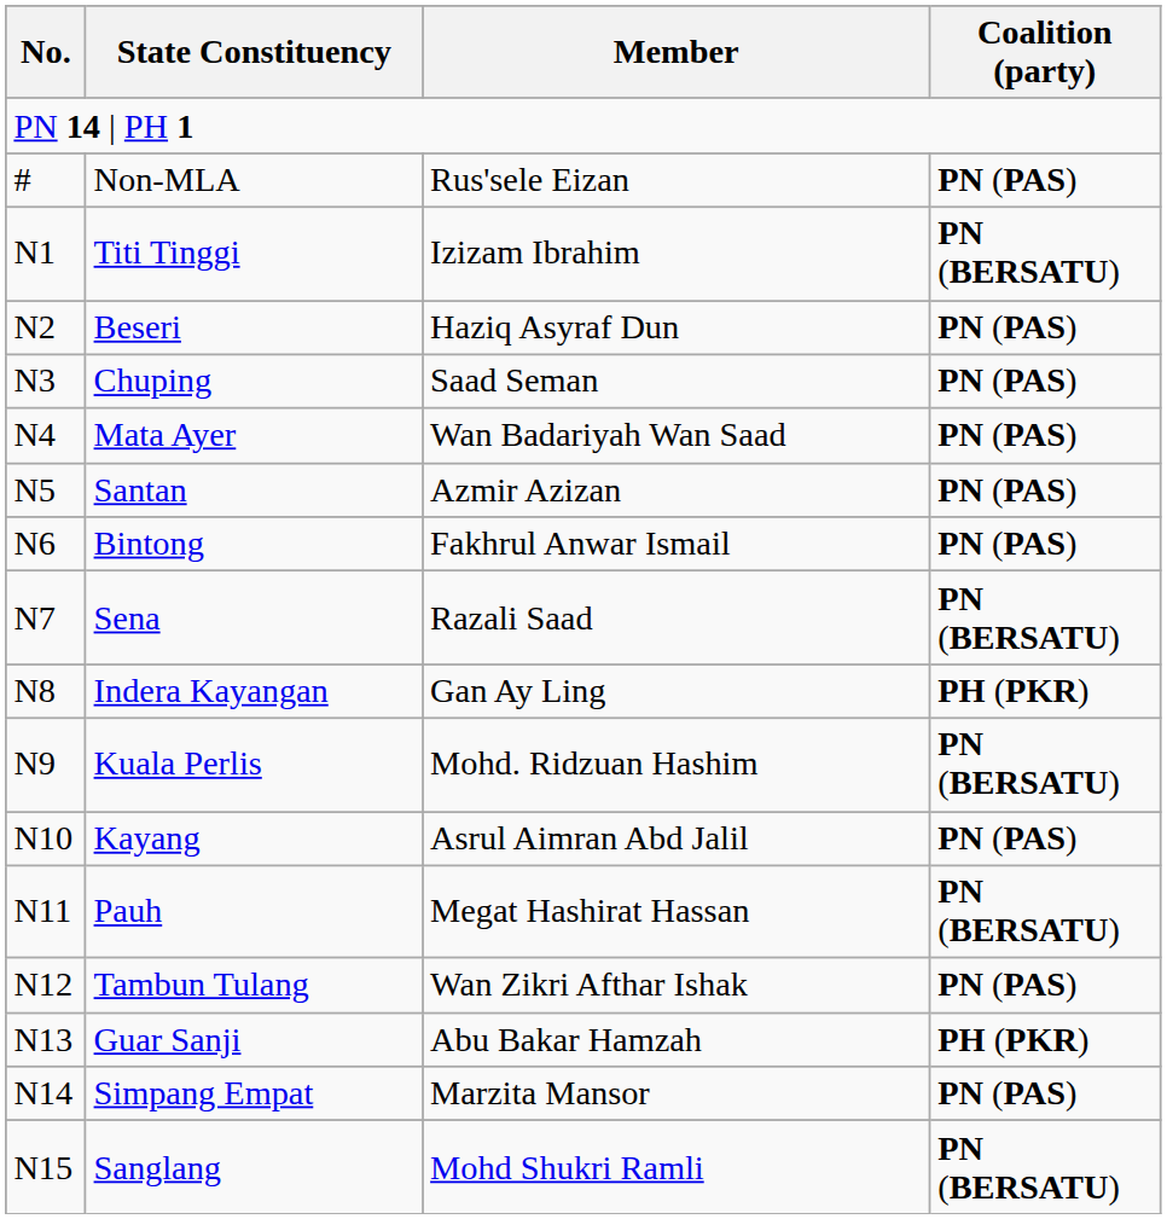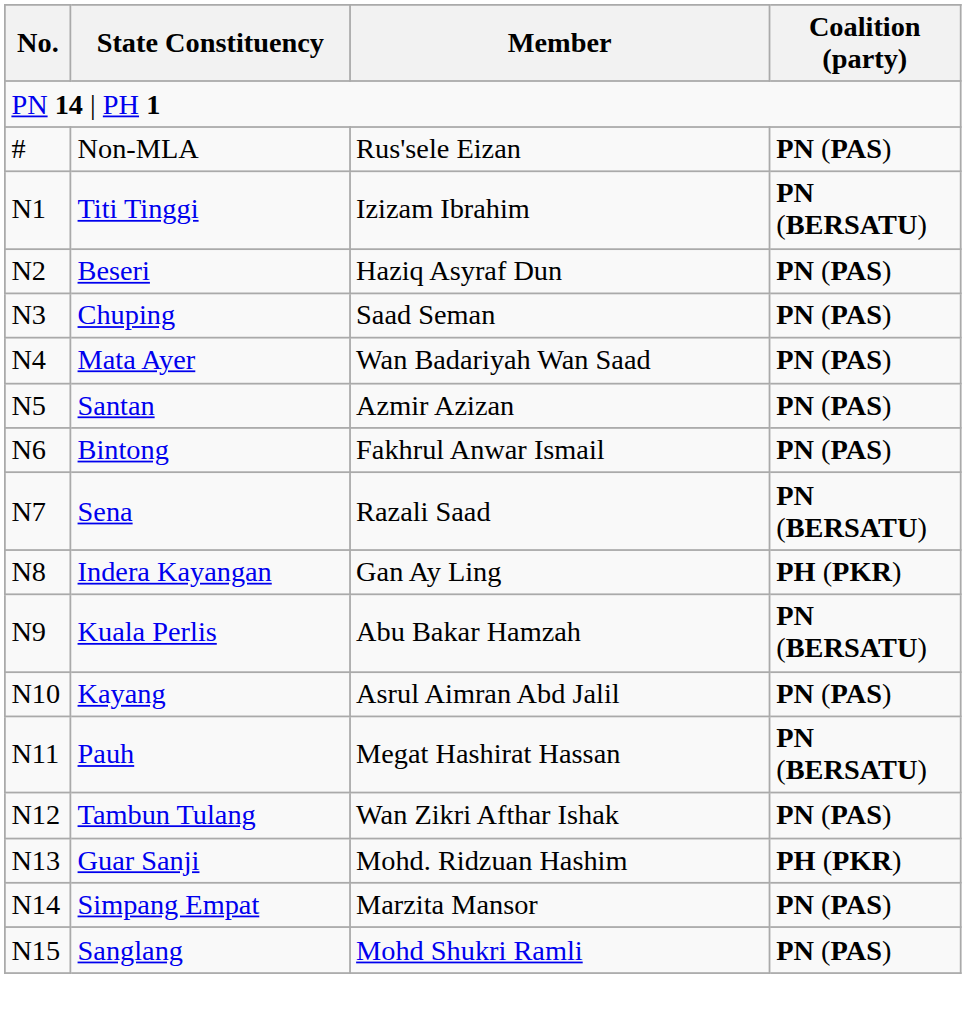 <table class="wikitable sortable">
 <tr>
 <th style="width:30px;">No.</th>
 <th style="width:150px;">State Constituency</th>
 <th style="width:230px;">Member</th>
 <th style="width:100px;">Coalition (party)</th>
 </tr>
 <tr>
 <td colspan="7"><a href='#'>PN</a> <strong>14</strong> | <a href='#'>PH</a> <strong>1</strong></td>
 </tr>
 <tr>
 <td>#</td>
 <td>Non-MLA</td>
 <td>Rus'sele Eizan</td>
 <td style="background:"><strong>PN</strong> (<strong>PAS</strong>)</td>
 </tr>
 <tr>
 <td>N1</td>
 <td><a href='#'>Titi Tinggi</a></td>
 <td>Izizam Ibrahim</td>
 <td style="background:"><strong>PN</strong> (<strong>BERSATU</strong>)</td>
 </tr>
 <tr>
 <td>N2</td>
 <td><a href='#'>Beseri</a></td>
 <td>Haziq Asyraf Dun</td>
 <td style="background:"><strong>PN</strong> (<strong>PAS</strong>)</td>
 </tr>
 <tr>
 <td>N3</td>
 <td><a href='#'>Chuping</a></td>
 <td>Saad Seman</td>
 <td style="background:"><strong>PN</strong> (<strong>PAS</strong>)</td>
 </tr>
 <tr>
 <td>N4</td>
 <td><a href='#'>Mata Ayer</a></td>
 <td>Wan Badariyah Wan Saad</td>
 <td style="background:"><strong>PN</strong> (<strong>PAS</strong>)</td>
 </tr>
 <tr>
 <td>N5</td>
 <td><a href='#'>Santan</a></td>
 <td>Azmir Azizan</td>
 <td style="background:"><strong>PN</strong> (<strong>PAS</strong>)</td>
 </tr>
 <tr>
 <td>N6</td>
 <td><a href='#'>Bintong</a></td>
 <td>Fakhrul Anwar Ismail</td>
 <td style="background:"><strong>PN</strong> (<strong>PAS</strong>)</td>
 </tr>
 <tr>
 <td>N7</td>
 <td><a href='#'>Sena</a></td>
 <td>Razali Saad</td>
 <td style="background:"><strong>PN</strong> (<strong>BERSATU</strong>)</td>
 </tr>
 <tr>
 <td>N8</td>
 <td><a href='#'>Indera Kayangan</a></td>
 <td>Gan Ay Ling</td>
 <td bgcolor=><strong>PH</strong> (<strong>PKR</strong>)</td>
 </tr>
 <tr>
 <td>N9</td>
 <td><a href='#'>Kuala Perlis</a></td>
-<td>Mohd. Ridzuan Hashim</td>
+<td>Abu Bakar Hamzah</td>
 <td style="background:"><strong>PN</strong> (<strong>BERSATU</strong>)</td>
 </tr>
 <tr>
 <td>N10</td>
 <td><a href='#'>Kayang</a></td>
 <td>Asrul Aimran Abd Jalil</td>
 <td style="background:"><strong>PN</strong> (<strong>PAS</strong>)</td>
 </tr>
 <tr>
 <td>N11</td>
 <td><a href='#'>Pauh</a></td>
 <td>Megat Hashirat Hassan</td>
 <td style="background:"><strong>PN</strong> (<strong>BERSATU</strong>)</td>
 </tr>
 <tr>
 <td>N12</td>
 <td><a href='#'>Tambun Tulang</a></td>
 <td>Wan Zikri Afthar Ishak</td>
 <td style="background:"><strong>PN</strong> (<strong>PAS</strong>)</td>
 </tr>
 <tr>
 <td>N13</td>
 <td><a href='#'>Guar Sanji</a></td>
-<td>Abu Bakar Hamzah</td>
+<td>Mohd. Ridzuan Hashim</td>
 <td bgcolor=><strong>PH</strong> (<strong>PKR</strong>)</td>
 </tr>
 <tr>
 <td>N14</td>
 <td><a href='#'>Simpang Empat</a></td>
 <td>Marzita Mansor</td>
 <td style="background:"><strong>PN</strong> (<strong>PAS</strong>)</td>
 </tr>
 <tr>
 <td>N15</td>
 <td><a href='#'>Sanglang</a></td>
 <td><a href='#'>Mohd Shukri Ramli</a></td>
-<td style="background:"><strong>PN</strong> (<strong>BERSATU</strong>)</td>
+<td style="background:"><strong>PN</strong> (<strong>PAS</strong>)</td>
 </tr>
 </table>
